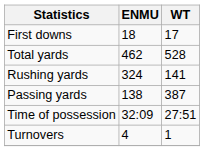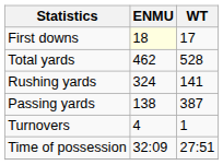 <table class="wikitable" style="float: left;">
 <tr>
 <th>Statistics</th>
 <th>ENMU</th>
 <th>WT</th>
 </tr>
 <tr>
 <td>First downs</td>
-<td>18</td>
+<td style="background: lightyellow;">18</td>
 <td>17</td>
 </tr>
 <tr>
 <td>Total yards</td>
 <td>462</td>
 <td>528</td>
 </tr>
 <tr>
 <td>Rushing yards</td>
 <td>324</td>
 <td>141</td>
 </tr>
 <tr>
 <td>Passing yards</td>
 <td>138</td>
 <td>387</td>
 </tr>
 <tr>
+<td>Turnovers</td>
+<td>4</td>
+<td>1</td>
+</tr>
+<tr>
 <td>Time of possession</td>
 <td>32:09</td>
 <td>27:51</td>
 </tr>
 <tr>
-<td>Turnovers</td>
-<td>4</td>
-<td>1</td>
-</tr>
-<tr>
 </tr>
 </table>
